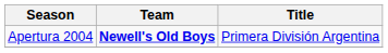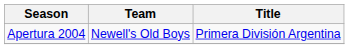 <table class="wikitable">
 <tr>
 <th>Season</th>
 <th>Team</th>
 <th>Title</th>
 </tr>
 <tr>
 <td><a href='#'>Apertura 2004</a></td>
-<td><strong><a href='#'>Newell's Old Boys</a></strong></td>
+<td><a href='#'>Newell's Old Boys</a></td>
 <td><a href='#'>Primera División Argentina</a></td>
 </tr>
 <tr>
 </tr>
 </table>
